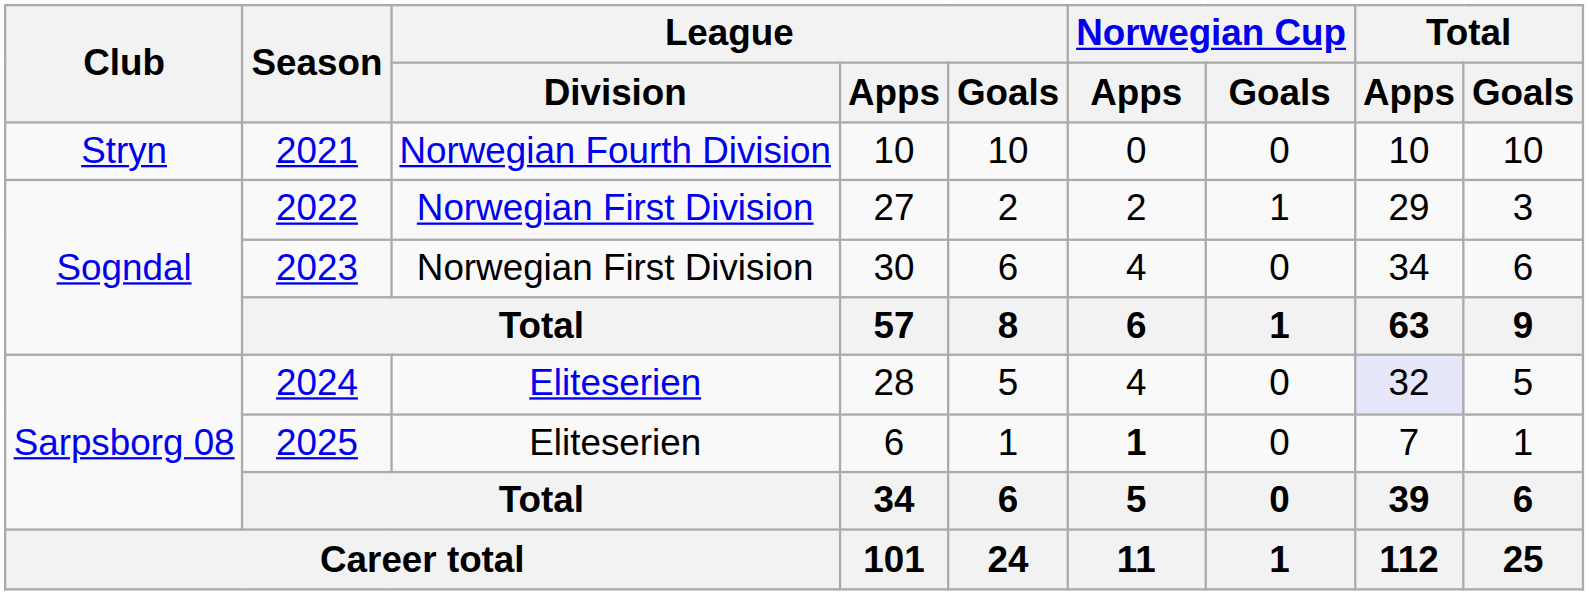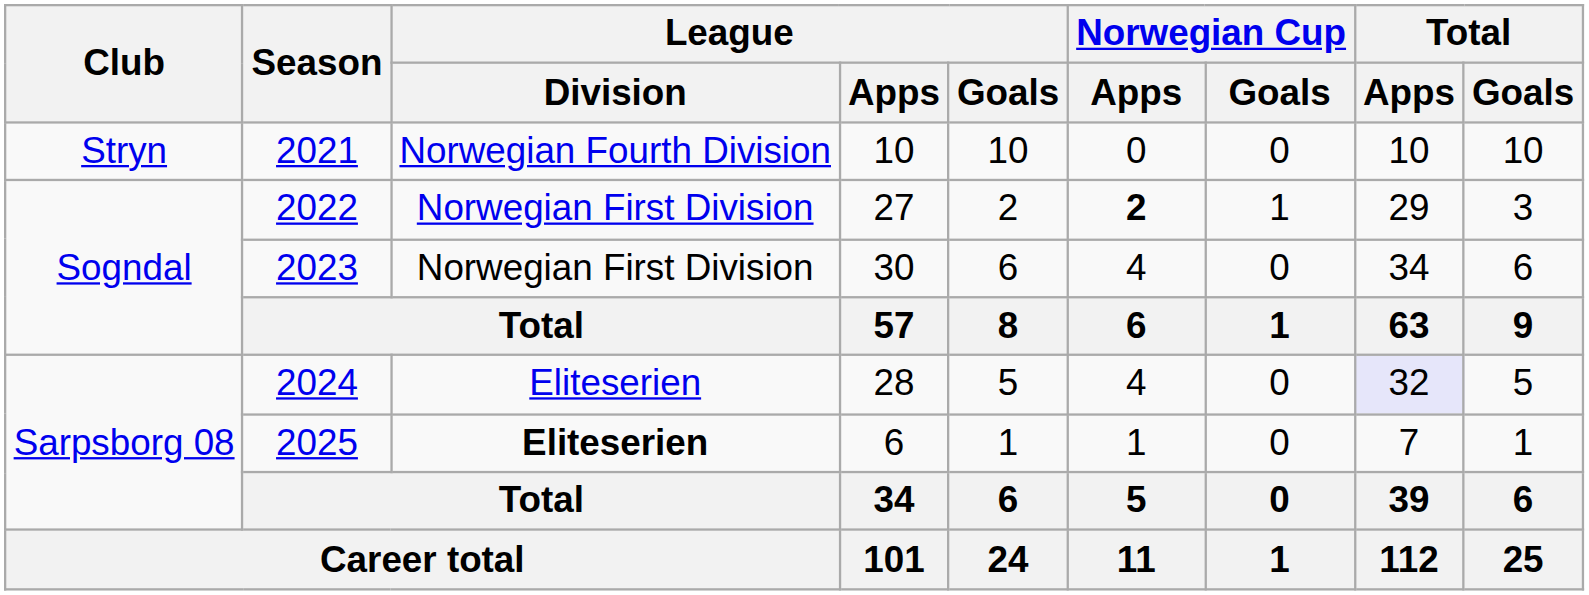 <table class="wikitable" style="text-align: center">
 <tr>
 <th rowspan="2">Club</th>
 <th rowspan="2">Season</th>
 <th colspan="3">League</th>
 <th colspan="2"><a href='#'>Norwegian Cup</a></th>
 <th colspan="2">Total</th>
 </tr>
 <tr>
 <th>Division</th>
 <th>Apps</th>
 <th>Goals</th>
 <th>Apps</th>
 <th>Goals</th>
 <th>Apps</th>
 <th>Goals</th>
 </tr>
 <tr>
 <td><a href='#'>Stryn</a></td>
 <td><a href='#'>2021</a></td>
 <td><a href='#'>Norwegian Fourth Division</a></td>
 <td>10</td>
 <td>10</td>
 <td>0</td>
 <td>0</td>
 <td>10</td>
 <td>10</td>
 </tr>
 <tr>
 <td rowspan="3"><a href='#'>Sogndal</a></td>
 <td><a href='#'>2022</a></td>
 <td><a href='#'>Norwegian First Division</a></td>
 <td>27</td>
 <td>2</td>
-<td>2</td>
+<td><strong>2</strong></td>
 <td>1</td>
 <td>29</td>
 <td>3</td>
 </tr>
 <tr>
 <td><a href='#'>2023</a></td>
 <td>Norwegian First Division</td>
 <td>30</td>
 <td>6</td>
 <td>4</td>
 <td>0</td>
 <td>34</td>
 <td>6</td>
 </tr>
 <tr>
 <th colspan="2">Total</th>
 <th>57</th>
 <th>8</th>
 <th>6</th>
 <th>1</th>
 <th>63</th>
 <th>9</th>
 </tr>
 <tr>
 <td rowspan="3"><a href='#'>Sarpsborg 08</a></td>
 <td><a href='#'>2024</a></td>
 <td><a href='#'>Eliteserien</a></td>
 <td>28</td>
 <td>5</td>
 <td>4</td>
 <td>0</td>
 <td style="background: lavender;">32</td>
 <td>5</td>
 </tr>
 <tr>
 <td><a href='#'>2025</a></td>
-<td>Eliteserien</td>
+<td><strong>Eliteserien</strong></td>
 <td>6</td>
 <td>1</td>
-<td><strong>1</strong></td>
+<td>1</td>
 <td>0</td>
 <td>7</td>
 <td>1</td>
 </tr>
 <tr>
 <th colspan="2">Total</th>
 <th>34</th>
 <th>6</th>
 <th>5</th>
 <th>0</th>
 <th>39</th>
 <th>6</th>
 </tr>
 <tr>
 <th colspan="3">Career total</th>
 <th>101</th>
 <th>24</th>
 <th>11</th>
 <th>1</th>
 <th>112</th>
 <th>25</th>
 </tr>
 </table>
